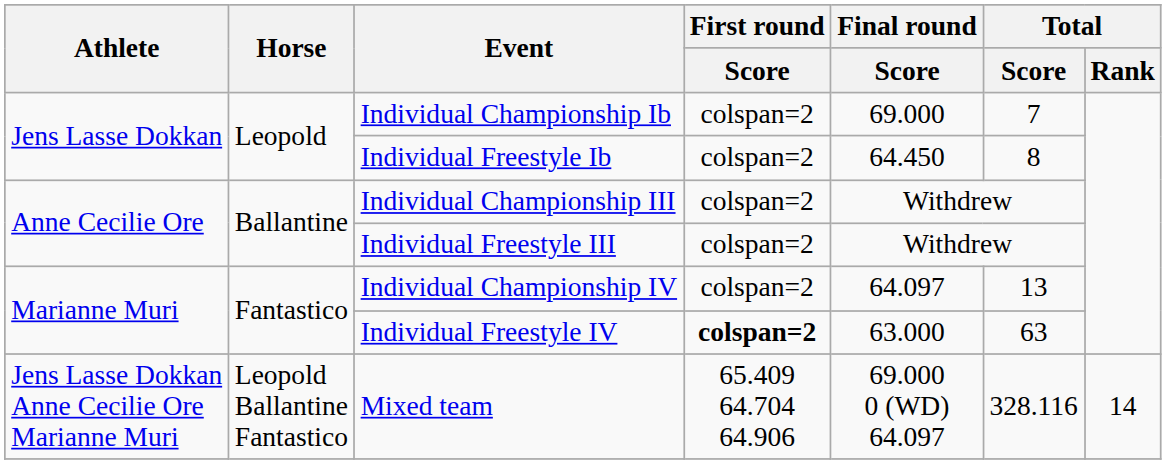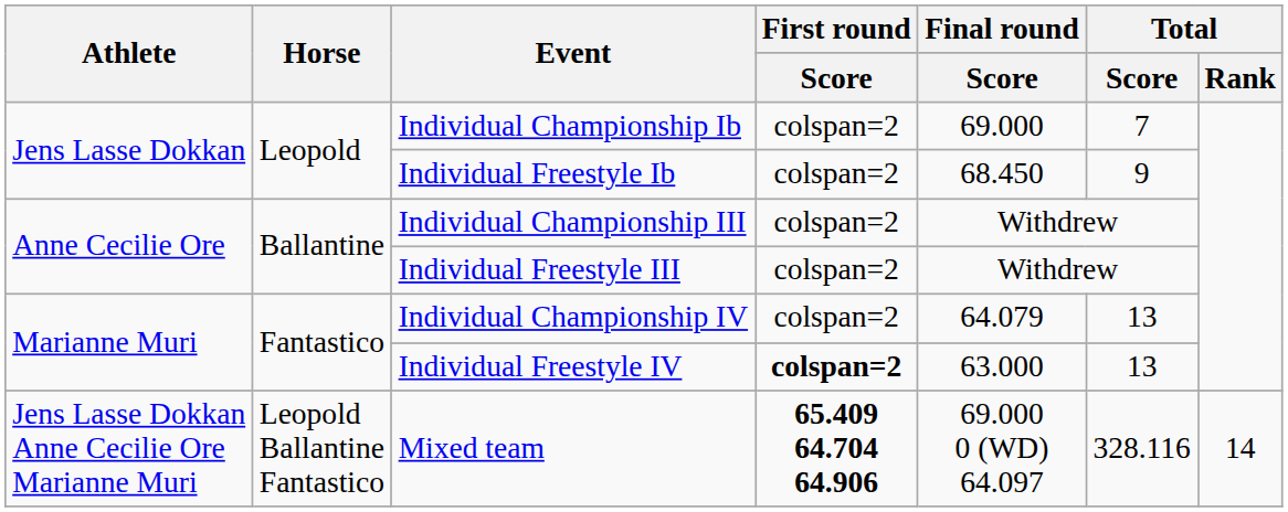 <table class=wikitable>
 <tr>
 <th rowspan="2">Athlete</th>
 <th rowspan="2">Horse</th>
 <th rowspan="2">Event</th>
 <th>First round</th>
 <th>Final round</th>
 <th colspan="2">Total</th>
 </tr>
 <tr>
 <th>Score</th>
 <th>Score</th>
 <th>Score</th>
 <th>Rank</th>
 </tr>
 <tr align=center>
 <td align=left rowspan=2><a href='#'>Jens Lasse Dokkan</a></td>
 <td align=left rowspan=2>Leopold</td>
 <td align=left><a href='#'>Individual Championship Ib</a></td>
 <td>colspan=2 </td>
 <td>69.000</td>
 <td>7</td>
 </tr>
 <tr align=center>
 <td align=left><a href='#'>Individual Freestyle Ib</a></td>
 <td>colspan=2 </td>
-<td>64.450</td>
-<td>8</td>
+<td>68.450</td>
+<td>9</td>
 </tr>
 <tr align=center>
 <td align=left rowspan=2><a href='#'>Anne Cecilie Ore</a></td>
 <td align=left rowspan=2>Ballantine</td>
 <td align=left><a href='#'>Individual Championship III</a></td>
 <td>colspan=2 </td>
 <td colspan=2>Withdrew</td>
 </tr>
 <tr align=center>
 <td align=left><a href='#'>Individual Freestyle III</a></td>
 <td>colspan=2 </td>
 <td colspan=2>Withdrew</td>
 </tr>
 <tr align=center>
 <td align=left rowspan=2><a href='#'>Marianne Muri</a></td>
 <td align=left rowspan=2>Fantastico</td>
 <td align=left><a href='#'>Individual Championship IV</a></td>
 <td>colspan=2 </td>
-<td>64.097</td>
+<td>64.079</td>
 <td>13</td>
 </tr>
 <tr align=center>
 <td align=left><a href='#'>Individual Freestyle IV</a></td>
 <td><strong>colspan=2 </strong></td>
 <td>63.000</td>
-<td>63</td>
+<td>13</td>
 </tr>
 <tr align=center>
 <td align=left><a href='#'>Jens Lasse Dokkan</a><br><a href='#'>Anne Cecilie Ore</a><br><a href='#'>Marianne Muri</a></td>
 <td align=left>Leopold<br>Ballantine<br>Fantastico</td>
 <td align=left><a href='#'>Mixed team</a></td>
-<td>65.409<br>64.704<br>64.906</td>
+<td><strong>65.409<br>64.704<br>64.906</strong></td>
 <td>69.000<br>0 (WD)<br>64.097</td>
 <td>328.116</td>
 <td>14</td>
 </tr>
 </table>
